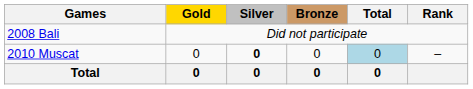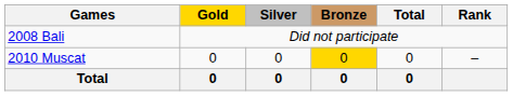 <table class="wikitable sortable" style="text-align:center;">
 <tr>
 <th width=200>Games</th>
 <td bgcolor=gold width=70><strong>Gold</strong></td>
 <td bgcolor=silver width=70><strong>Silver</strong></td>
 <td bgcolor=#cc9966 width=70><strong>Bronze</strong></td>
 <th width=70>Total</th>
 <th width=70>Rank</th>
 </tr>
 <tr>
 <td align=left> <a href='#'>2008 Bali</a></td>
 <td colspan=5><em>Did not participate</em></td>
 </tr>
 <tr>
 <td align=left> <a href='#'>2010 Muscat</a></td>
 <td>0</td>
-<td><strong>0</strong></td>
 <td>0</td>
-<td style="background: lightblue;">0</td>
+<td style="background: gold;">0</td>
+<td>0</td>
 <td>–</td>
 </tr>
 <tr class="sortbottom">
 <th>Total</th>
 <th>0</th>
 <th>0</th>
 <th>0</th>
 <th>0</th>
 <th></th>
 </tr>
 </table>
